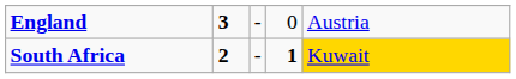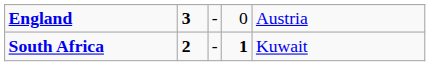 <table class="wikitable">
 <tr>
 <td width=150> <strong><a href='#'>England</a></strong></td>
 <td style="width:20px; text-align:left;"><strong>3</strong></td>
 <td>-</td>
 <td style="width:20px; text-align:right;">0</td>
 <td width=150> <a href='#'>Austria</a></td>
 </tr>
 <tr>
 <td> <strong><a href='#'>South Africa</a></strong></td>
 <td style="text-align:left;"><strong>2</strong></td>
 <td>-</td>
 <td style="text-align:right;"><strong>1</strong></td>
-<td style="background: gold;"> <a href='#'>Kuwait</a></td>
+<td> <a href='#'>Kuwait</a></td>
 </tr>
 </table>
